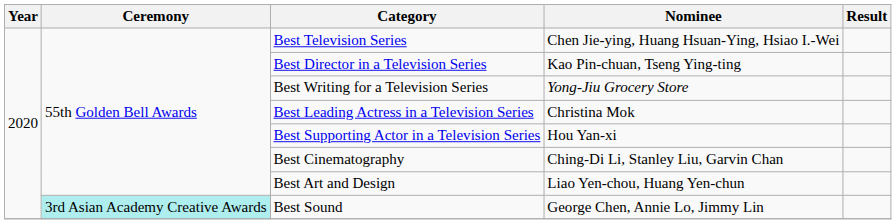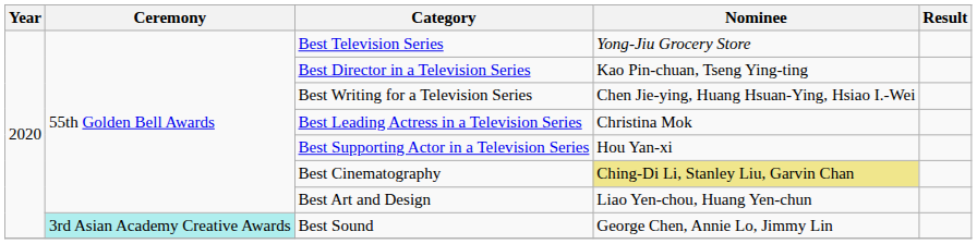 <table class="wikitable">
 <tr>
 <th>Year</th>
 <th>Ceremony</th>
 <th>Category</th>
 <th>Nominee</th>
 <th>Result</th>
 </tr>
 <tr>
 <td rowspan=8>2020</td>
 <td rowspan=7>55th <a href='#'>Golden Bell Awards</a></td>
 <td><a href='#'>Best Television Series</a></td>
-<td>Chen Jie-ying, Huang Hsuan-Ying, Hsiao I.-Wei</td>
+<td><em>Yong-Jiu Grocery Store</em></td>
 <td></td>
 </tr>
 <tr>
 <td><a href='#'>Best Director in a Television Series</a></td>
 <td>Kao Pin-chuan, Tseng Ying-ting</td>
 <td></td>
 </tr>
 <tr>
 <td>Best Writing for a Television Series</td>
-<td><em>Yong-Jiu Grocery Store</em></td>
+<td>Chen Jie-ying, Huang Hsuan-Ying, Hsiao I.-Wei</td>
 <td></td>
 </tr>
 <tr>
 <td><a href='#'>Best Leading Actress in a Television Series</a></td>
 <td>Christina Mok</td>
 <td></td>
 </tr>
 <tr>
 <td><a href='#'>Best Supporting Actor in a Television Series</a></td>
 <td>Hou Yan-xi</td>
 <td></td>
 </tr>
 <tr>
 <td>Best Cinematography</td>
-<td>Ching-Di Li, Stanley Liu, Garvin Chan</td>
+<td style="background: khaki;">Ching-Di Li, Stanley Liu, Garvin Chan</td>
 <td></td>
 </tr>
 <tr>
 <td>Best Art and Design</td>
 <td>Liao Yen-chou, Huang Yen-chun</td>
 <td></td>
 </tr>
 <tr>
 <td style="background: paleturquoise;">3rd Asian Academy Creative Awards</td>
 <td>Best Sound</td>
 <td>George Chen, Annie Lo, Jimmy Lin</td>
 <td></td>
 </tr>
 <tr>
 </tr>
 </table>
